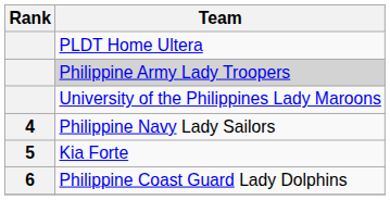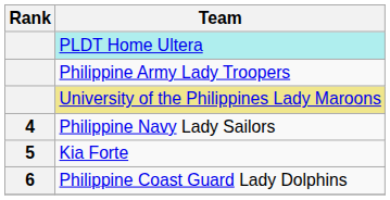 <table class="wikitable" style="text-align: center;">
 <tr>
 <th width=40>Rank</th>
 <th>Team</th>
 </tr>
 <tr>
 <th></th>
-<td style="text-align:left;"> <a href='#'>PLDT Home Ultera</a></td>
+<td style="background: paleturquoise; text-align:left;"> <a href='#'>PLDT Home Ultera</a></td>
 </tr>
 <tr>
 <th></th>
-<td style="background: lightgrey; text-align:left;"> <a href='#'>Philippine Army Lady Troopers</a></td>
+<td style="text-align:left;"> <a href='#'>Philippine Army Lady Troopers</a></td>
 </tr>
 <tr>
 <th></th>
-<td style="text-align:left;"> <a href='#'>University of the Philippines Lady Maroons</a></td>
+<td style="background: khaki; text-align:left;"> <a href='#'>University of the Philippines Lady Maroons</a></td>
 </tr>
 <tr>
 <th>4</th>
 <td style="text-align:left;"> <a href='#'>Philippine Navy</a> Lady Sailors</td>
 </tr>
 <tr>
 <th>5</th>
 <td style="text-align:left;"> <a href='#'>Kia Forte</a></td>
 </tr>
 <tr>
 <th>6</th>
 <td style="text-align:left;"> <a href='#'>Philippine Coast Guard</a> Lady Dolphins</td>
 </tr>
 <tr>
 </tr>
 </table>
